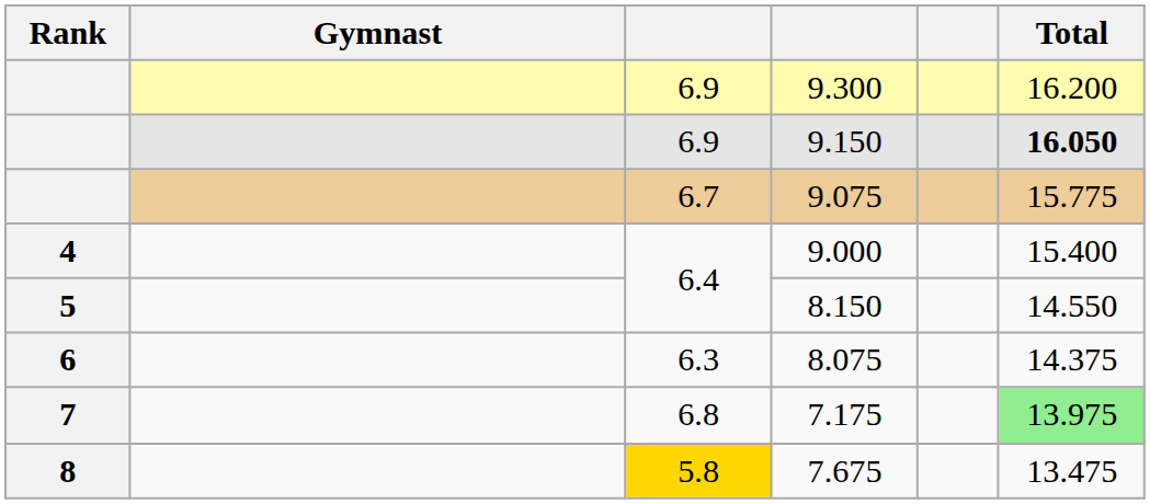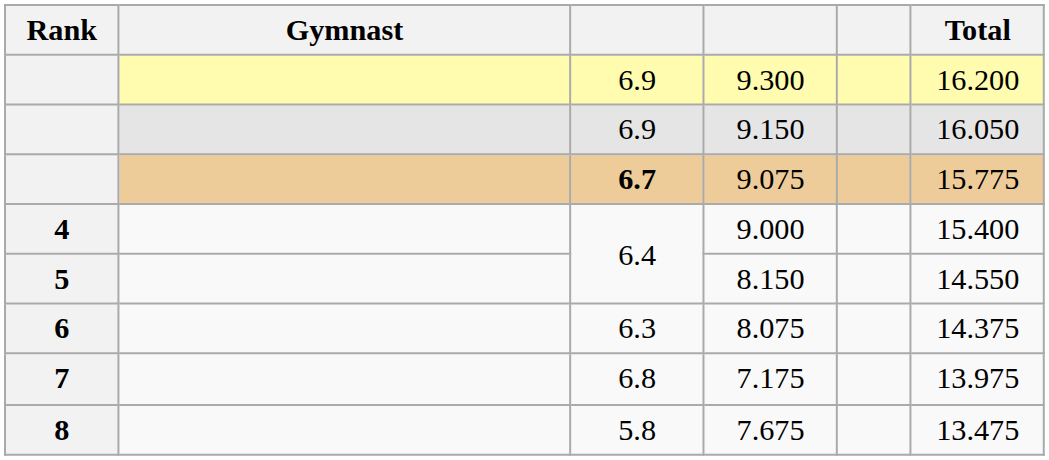 <table class="wikitable sortable" style="text-align:center; font-size:95%">
 <tr>
 <th scope="col" style="width:50px;">Rank</th>
 <th scope="col" style="width:220px;">Gymnast</th>
 <th scope="col" style="width:60px;"></th>
 <th scope="col" style="width:60px;"></th>
 <th scope="col" style="width:30px;"></th>
 <th scope="col" style="width:60px;">Total</th>
 </tr>
 <tr style="background:#fffcaf;">
 <th scope=row style="text-align:center"></th>
 <td style="text-align:left;"></td>
 <td>6.9</td>
 <td>9.300</td>
 <td></td>
 <td>16.200</td>
 </tr>
 <tr style="background:#e5e5e5;">
 <th scope=row style="text-align:center"></th>
 <td style="text-align:left;"></td>
 <td>6.9</td>
 <td>9.150</td>
 <td></td>
-<td><strong>16.050</strong></td>
+<td>16.050</td>
 </tr>
 <tr style="background:#ec9;">
 <th scope=row style="text-align:center"></th>
 <td style="text-align:left;"></td>
-<td>6.7</td>
+<td><strong>6.7</strong></td>
 <td>9.075</td>
 <td></td>
 <td>15.775</td>
 </tr>
 <tr>
 <th scope=row style="text-align:center">4</th>
 <td style="text-align:left;"></td>
 <td rowspan=2>6.4</td>
 <td>9.000</td>
 <td></td>
 <td>15.400</td>
 </tr>
 <tr>
 <th scope=row style="text-align:center">5</th>
 <td style="text-align:left;"></td>
 <td>8.150</td>
 <td></td>
 <td>14.550</td>
 </tr>
 <tr>
 <th scope=row style="text-align:center">6</th>
 <td style="text-align:left;"></td>
 <td>6.3</td>
 <td>8.075</td>
 <td></td>
 <td>14.375</td>
 </tr>
 <tr>
 <th scope=row style="text-align:center">7</th>
 <td style="text-align:left;"></td>
 <td>6.8</td>
 <td>7.175</td>
 <td></td>
-<td style="background: lightgreen;">13.975</td>
+<td>13.975</td>
 </tr>
 <tr>
 <th scope=row style="text-align:center">8</th>
 <td style="text-align:left;"></td>
-<td style="background: gold;">5.8</td>
+<td>5.8</td>
 <td>7.675</td>
 <td></td>
 <td>13.475</td>
 </tr>
 </table>
